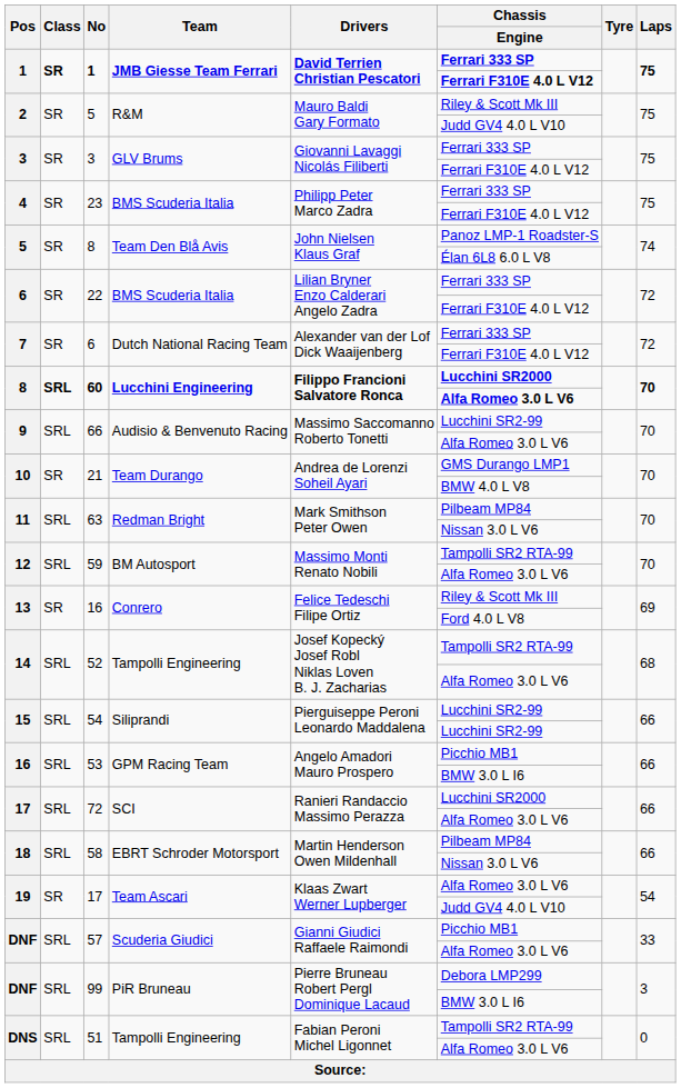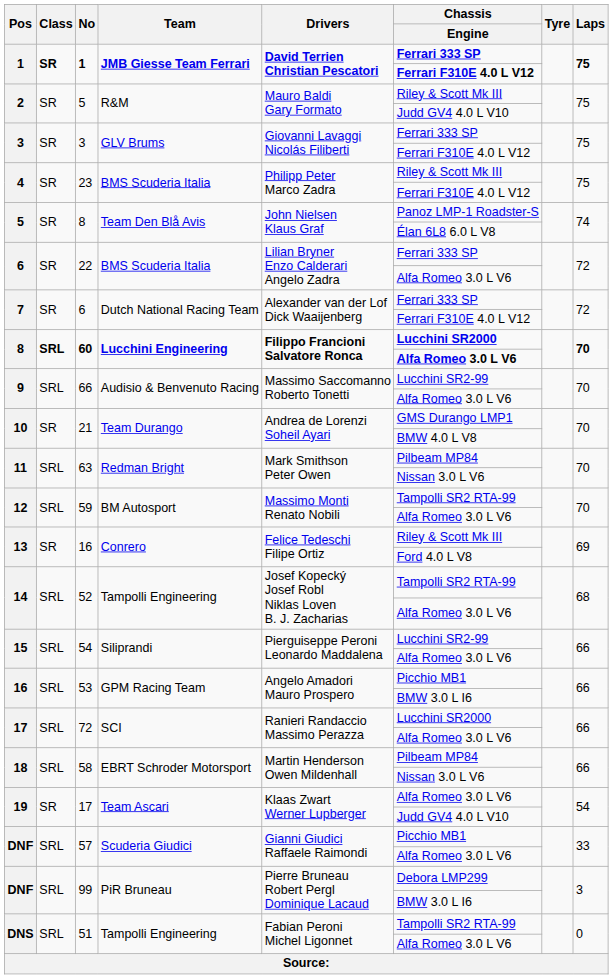 <table class="wikitable">
 <tr>
 <th rowspan="2">Pos</th>
 <th rowspan="2">Class</th>
 <th rowspan="2">No</th>
 <th rowspan="2">Team</th>
 <th rowspan="2">Drivers</th>
 <th>Chassis</th>
 <th rowspan="2">Tyre</th>
 <th rowspan="2">Laps</th>
 </tr>
 <tr>
 <th>Engine</th>
 </tr>
 <tr>
 <th rowspan="2">1</th>
 <td rowspan="2"><strong>SR</strong></td>
 <td rowspan="2"><strong>1</strong></td>
 <td rowspan="2"><strong> <a href='#'>JMB Giesse Team Ferrari</a></strong></td>
 <td rowspan="2"><strong> <a href='#'>David Terrien</a><br> <a href='#'>Christian Pescatori</a></strong></td>
 <td><strong><a href='#'>Ferrari 333 SP</a></strong></td>
 <td rowspan="2"></td>
 <td rowspan="2"><strong>75</strong></td>
 </tr>
 <tr>
 <td><strong><a href='#'>Ferrari F310E</a> 4.0 L V12</strong></td>
 </tr>
 <tr>
 <th rowspan="2">2</th>
 <td rowspan="2">SR</td>
 <td rowspan="2">5</td>
 <td rowspan="2"> R&M</td>
 <td rowspan="2"> <a href='#'>Mauro Baldi</a><br> <a href='#'>Gary Formato</a></td>
 <td><a href='#'>Riley & Scott Mk III</a></td>
 <td rowspan="2"></td>
 <td rowspan="2">75</td>
 </tr>
 <tr>
 <td><a href='#'>Judd GV4</a> 4.0 L V10</td>
 </tr>
 <tr>
 <th rowspan="2">3</th>
 <td rowspan="2">SR</td>
 <td rowspan="2">3</td>
 <td rowspan="2"> <a href='#'>GLV Brums</a></td>
 <td rowspan="2"> <a href='#'>Giovanni Lavaggi</a><br> <a href='#'>Nicolás Filiberti</a></td>
 <td><a href='#'>Ferrari 333 SP</a></td>
 <td rowspan="2"></td>
 <td rowspan="2">75</td>
 </tr>
 <tr>
 <td><a href='#'>Ferrari F310E</a> 4.0 L V12</td>
 </tr>
 <tr>
 <th rowspan="2">4</th>
 <td rowspan="2">SR</td>
 <td rowspan="2">23</td>
 <td rowspan="2"> <a href='#'>BMS Scuderia Italia</a></td>
 <td rowspan="2"> <a href='#'>Philipp Peter</a><br> Marco Zadra</td>
-<td><a href='#'>Ferrari 333 SP</a></td>
+<td><a href='#'>Riley & Scott Mk III</a></td>
 <td rowspan="2"></td>
 <td rowspan="2">75</td>
 </tr>
 <tr>
 <td><a href='#'>Ferrari F310E</a> 4.0 L V12</td>
 </tr>
 <tr>
 <th rowspan="2">5</th>
 <td rowspan="2">SR</td>
 <td rowspan="2">8</td>
 <td rowspan="2"> <a href='#'>Team Den Blå Avis</a></td>
 <td rowspan="2"> <a href='#'>John Nielsen</a><br> <a href='#'>Klaus Graf</a></td>
 <td><a href='#'>Panoz LMP-1 Roadster-S</a></td>
 <td rowspan="2"></td>
 <td rowspan="2">74</td>
 </tr>
 <tr>
 <td><a href='#'>Élan 6L8</a> 6.0 L V8</td>
 </tr>
 <tr>
 <th rowspan="2">6</th>
 <td rowspan="2">SR</td>
 <td rowspan="2">22</td>
 <td rowspan="2"> <a href='#'>BMS Scuderia Italia</a></td>
 <td rowspan="2"> <a href='#'>Lilian Bryner</a><br> <a href='#'>Enzo Calderari</a><br> Angelo Zadra</td>
 <td><a href='#'>Ferrari 333 SP</a></td>
 <td rowspan="2"></td>
 <td rowspan="2">72</td>
 </tr>
 <tr>
-<td><a href='#'>Ferrari F310E</a> 4.0 L V12</td>
+<td><a href='#'>Alfa Romeo</a> 3.0 L V6</td>
 </tr>
 <tr>
 <th rowspan="2">7</th>
 <td rowspan="2">SR</td>
 <td rowspan="2">6</td>
 <td rowspan="2"> Dutch National Racing Team</td>
 <td rowspan="2"> Alexander van der Lof<br> Dick Waaijenberg</td>
 <td><a href='#'>Ferrari 333 SP</a></td>
 <td rowspan="2"></td>
 <td rowspan="2">72</td>
 </tr>
 <tr>
 <td><a href='#'>Ferrari F310E</a> 4.0 L V12</td>
 </tr>
 <tr>
 <th rowspan="2">8</th>
 <td rowspan="2"><strong>SRL</strong></td>
 <td rowspan="2"><strong>60</strong></td>
 <td rowspan="2"><strong> <a href='#'>Lucchini Engineering</a></strong></td>
 <td rowspan="2"><strong> Filippo Francioni<br> Salvatore Ronca</strong></td>
 <td><a href='#'><strong>Lucchini SR2000</strong></a></td>
 <td rowspan="2"></td>
 <td rowspan="2"><strong>70</strong></td>
 </tr>
 <tr>
 <td><strong><a href='#'>Alfa Romeo</a> 3.0 L V6</strong></td>
 </tr>
 <tr>
 <th rowspan="2">9</th>
 <td rowspan="2">SRL</td>
 <td rowspan="2">66</td>
 <td rowspan="2"> Audisio & Benvenuto Racing</td>
 <td rowspan="2"> Massimo Saccomanno<br> Roberto Tonetti</td>
 <td><a href='#'>Lucchini SR2-99</a></td>
 <td rowspan="2"></td>
 <td rowspan="2">70</td>
 </tr>
 <tr>
 <td><a href='#'>Alfa Romeo</a> 3.0 L V6</td>
 </tr>
 <tr>
 <th rowspan="2">10</th>
 <td rowspan="2">SR</td>
 <td rowspan="2">21</td>
 <td rowspan="2"> <a href='#'>Team Durango</a></td>
 <td rowspan="2"> Andrea de Lorenzi<br> <a href='#'>Soheil Ayari</a></td>
 <td><a href='#'>GMS Durango LMP1</a></td>
 <td rowspan="2"></td>
 <td rowspan="2">70</td>
 </tr>
 <tr>
 <td><a href='#'>BMW</a> 4.0 L V8</td>
 </tr>
 <tr>
 <th rowspan="2">11</th>
 <td rowspan="2">SRL</td>
 <td rowspan="2">63</td>
 <td rowspan="2"> <a href='#'>Redman Bright</a></td>
 <td rowspan="2"> Mark Smithson<br> Peter Owen</td>
 <td><a href='#'>Pilbeam MP84</a></td>
 <td rowspan="2"></td>
 <td rowspan="2">70</td>
 </tr>
 <tr>
 <td><a href='#'>Nissan</a> 3.0 L V6</td>
 </tr>
 <tr>
 <th rowspan="2">12</th>
 <td rowspan="2">SRL</td>
 <td rowspan="2">59</td>
 <td rowspan="2"> BM Autosport</td>
 <td rowspan="2"> <a href='#'>Massimo Monti</a><br> Renato Nobili</td>
 <td><a href='#'>Tampolli SR2 RTA-99</a></td>
 <td rowspan="2"></td>
 <td rowspan="2">70</td>
 </tr>
 <tr>
 <td><a href='#'>Alfa Romeo</a> 3.0 L V6</td>
 </tr>
 <tr>
 <th rowspan="2">13</th>
 <td rowspan="2">SR</td>
 <td rowspan="2">16</td>
 <td rowspan="2"> <a href='#'>Conrero</a></td>
 <td rowspan="2"> <a href='#'>Felice Tedeschi</a><br> Filipe Ortiz</td>
 <td><a href='#'>Riley & Scott Mk III</a></td>
 <td rowspan="2"></td>
 <td rowspan="2">69</td>
 </tr>
 <tr>
 <td><a href='#'>Ford</a> 4.0 L V8</td>
 </tr>
 <tr>
 <th rowspan="2">14</th>
 <td rowspan="2">SRL</td>
 <td rowspan="2">52</td>
 <td rowspan="2"> Tampolli Engineering</td>
 <td rowspan="2"> Josef Kopecký<br> Josef Robl<br> Niklas Loven<br> B. J. Zacharias</td>
 <td><a href='#'>Tampolli SR2 RTA-99</a></td>
 <td rowspan="2"></td>
 <td rowspan="2">68</td>
 </tr>
 <tr>
 <td><a href='#'>Alfa Romeo</a> 3.0 L V6</td>
 </tr>
 <tr>
 <th rowspan="2">15</th>
 <td rowspan="2">SRL</td>
 <td rowspan="2">54</td>
 <td rowspan="2"> Siliprandi</td>
 <td rowspan="2"> Pierguiseppe Peroni<br> Leonardo Maddalena</td>
 <td><a href='#'>Lucchini SR2-99</a></td>
 <td rowspan="2"></td>
 <td rowspan="2">66</td>
 </tr>
 <tr>
-<td><a href='#'>Lucchini SR2-99</a></td>
+<td><a href='#'>Alfa Romeo</a> 3.0 L V6</td>
 </tr>
 <tr>
 <th rowspan="2">16</th>
 <td rowspan="2">SRL</td>
 <td rowspan="2">53</td>
 <td rowspan="2"> GPM Racing Team</td>
 <td rowspan="2"> Angelo Amadori<br> Mauro Prospero</td>
 <td><a href='#'>Picchio MB1</a></td>
 <td rowspan="2"></td>
 <td rowspan="2">66</td>
 </tr>
 <tr>
 <td><a href='#'>BMW</a> 3.0 L I6</td>
 </tr>
 <tr>
 <th rowspan="2">17</th>
 <td rowspan="2">SRL</td>
 <td rowspan="2">72</td>
 <td rowspan="2"> SCI</td>
 <td rowspan="2"> Ranieri Randaccio<br> Massimo Perazza</td>
 <td><a href='#'>Lucchini SR2000</a></td>
 <td rowspan="2"></td>
 <td rowspan="2">66</td>
 </tr>
 <tr>
 <td><a href='#'>Alfa Romeo</a> 3.0 L V6</td>
 </tr>
 <tr>
 <th rowspan="2">18</th>
 <td rowspan="2">SRL</td>
 <td rowspan="2">58</td>
 <td rowspan="2"> EBRT Schroder Motorsport</td>
 <td rowspan="2"> Martin Henderson<br> Owen Mildenhall</td>
 <td><a href='#'>Pilbeam MP84</a></td>
 <td rowspan="2"></td>
 <td rowspan="2">66</td>
 </tr>
 <tr>
 <td><a href='#'>Nissan</a> 3.0 L V6</td>
 </tr>
 <tr>
 <th rowspan="2">19</th>
 <td rowspan="2">SR</td>
 <td rowspan="2">17</td>
 <td rowspan="2"> <a href='#'>Team Ascari</a></td>
 <td rowspan="2"> Klaas Zwart<br> <a href='#'>Werner Lupberger</a></td>
 <td><a href='#'>Alfa Romeo</a> 3.0 L V6</td>
 <td rowspan="2"></td>
 <td rowspan="2">54</td>
 </tr>
 <tr>
 <td><a href='#'>Judd GV4</a> 4.0 L V10</td>
 </tr>
 <tr>
 <th rowspan="2">DNF</th>
 <td rowspan="2">SRL</td>
 <td rowspan="2">57</td>
 <td rowspan="2"> <a href='#'>Scuderia Giudici</a></td>
 <td rowspan="2"> <a href='#'>Gianni Giudici</a><br> Raffaele Raimondi</td>
 <td><a href='#'>Picchio MB1</a></td>
 <td rowspan="2"></td>
 <td rowspan="2">33</td>
 </tr>
 <tr>
 <td><a href='#'>Alfa Romeo</a> 3.0 L V6</td>
 </tr>
 <tr>
 <th rowspan="2">DNF</th>
 <td rowspan="2">SRL</td>
 <td rowspan="2">99</td>
 <td rowspan="2"> PiR Bruneau</td>
 <td rowspan="2"> Pierre Bruneau<br> Robert Pergl<br> <a href='#'>Dominique Lacaud</a></td>
 <td><a href='#'>Debora LMP299</a></td>
 <td rowspan="2"></td>
 <td rowspan="2">3</td>
 </tr>
 <tr>
 <td><a href='#'>BMW</a> 3.0 L I6</td>
 </tr>
 <tr>
 <th rowspan="2">DNS</th>
 <td rowspan="2">SRL</td>
 <td rowspan="2">51</td>
 <td rowspan="2"> Tampolli Engineering</td>
 <td rowspan="2"> Fabian Peroni<br> Michel Ligonnet</td>
 <td><a href='#'>Tampolli SR2 RTA-99</a></td>
 <td rowspan="2"></td>
 <td rowspan="2">0</td>
 </tr>
 <tr>
 <td><a href='#'>Alfa Romeo</a> 3.0 L V6</td>
 </tr>
 <tr>
 <th colspan="8">Source:</th>
 </tr>
 </table>
